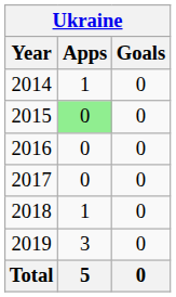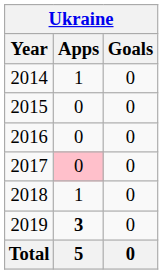 <table class="wikitable" style="text-align:center">
 <tr>
 <th colspan=3><a href='#'>Ukraine</a></th>
 </tr>
 <tr>
 <th>Year</th>
 <th>Apps</th>
 <th>Goals</th>
 </tr>
 <tr>
 <td>2014</td>
 <td>1</td>
 <td>0</td>
 </tr>
 <tr>
 <td>2015</td>
-<td style="background: lightgreen;">0</td>
+<td>0</td>
 <td>0</td>
 </tr>
 <tr>
 <td>2016</td>
 <td>0</td>
 <td>0</td>
 </tr>
 <tr>
 <td>2017</td>
-<td>0</td>
+<td style="background: pink;">0</td>
 <td>0</td>
 </tr>
 <tr>
 <td>2018</td>
 <td>1</td>
 <td>0</td>
 </tr>
 <tr>
 <td>2019</td>
-<td>3</td>
+<td><strong>3</strong></td>
 <td>0</td>
 </tr>
 <tr>
 <th>Total</th>
 <th>5</th>
 <th>0</th>
 </tr>
 </table>
